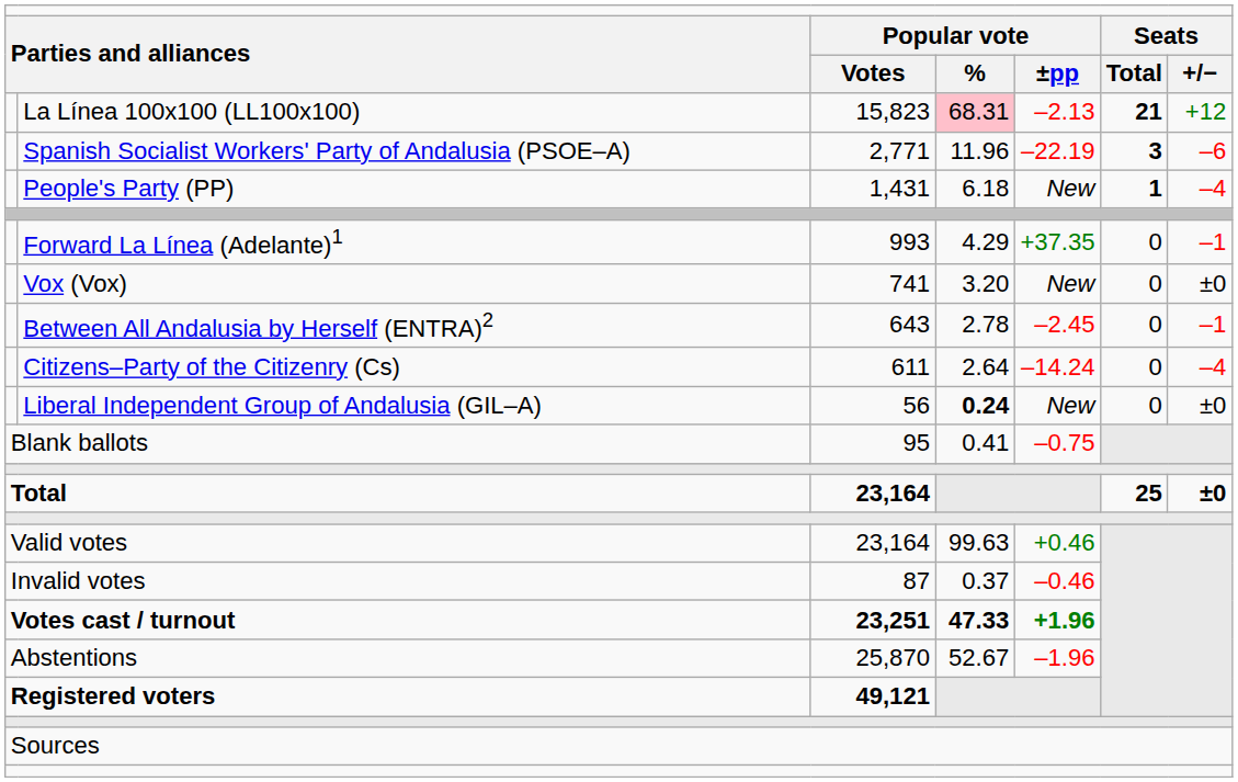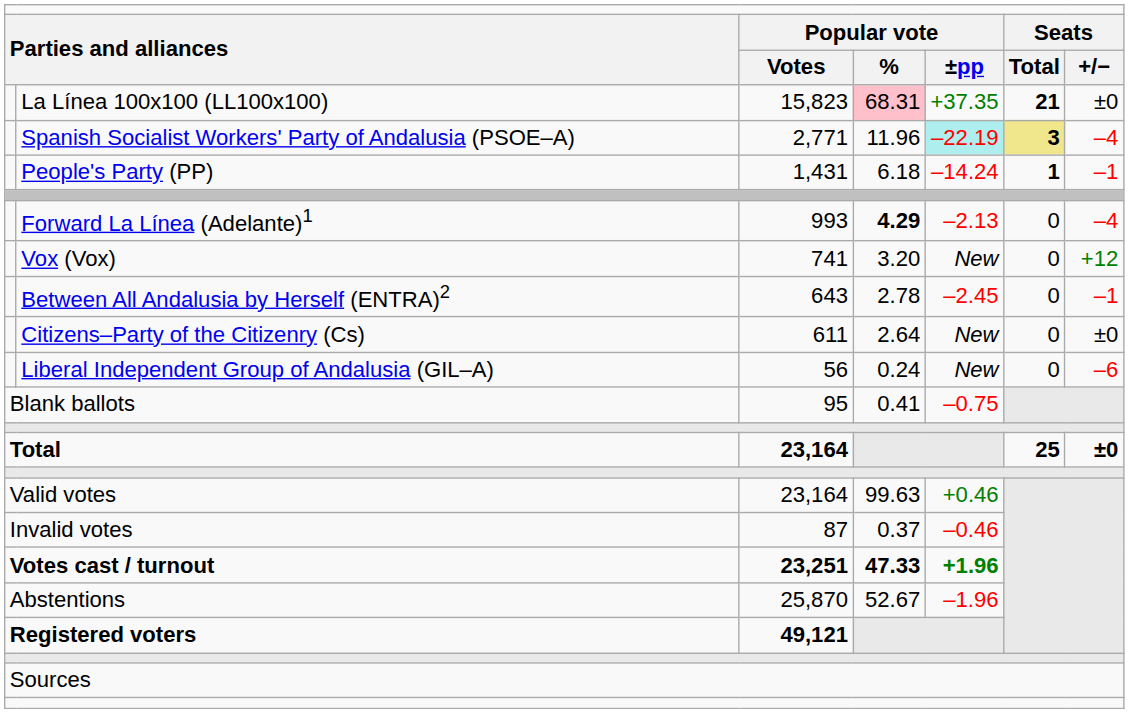 <table class="wikitable" style="text-align:right;">
 <tr>
 <td colspan="7"></td>
 </tr>
 <tr>
 <th style="text-align:left;" rowspan="2" colspan="2" width="525">Parties and alliances</th>
 <th colspan="3">Popular vote</th>
 <th colspan="2">Seats</th>
 </tr>
 <tr>
 <th width="75">Votes</th>
 <th width="45">%</th>
 <th width="45">±<a href='#'>pp</a></th>
 <th width="35">Total</th>
 <th width="35">+/−</th>
 </tr>
 <tr>
 <td width="1" style="color:inherit;background:"></td>
 <td align="left">La Línea 100x100 (LL100x100)</td>
 <td>15,823</td>
 <td style="background: pink;">68.31</td>
-<td style="color:red;">–2.13</td>
+<td style="color:green;">+37.35</td>
 <td><strong>21</strong></td>
-<td style="color:green;">+12</td>
+<td>±0</td>
 </tr>
 <tr>
 <td style="color:inherit;background:"></td>
 <td align="left"><a href='#'>Spanish Socialist Workers' Party of Andalusia</a> (PSOE–A)</td>
 <td>2,771</td>
 <td>11.96</td>
-<td style="color:red;">–22.19</td>
-<td><strong>3</strong></td>
-<td style="color:red;">–6</td>
+<td style="background: paleturquoise; color:red;">–22.19</td>
+<td style="background: khaki;"><strong>3</strong></td>
+<td style="color:red;">–4</td>
 </tr>
 <tr>
 <td style="color:inherit;background:"></td>
 <td align="left"><a href='#'>People's Party</a> (PP)</td>
 <td>1,431</td>
 <td>6.18</td>
-<td><em>New</em></td>
+<td style="color:red;">–14.24</td>
 <td><strong>1</strong></td>
-<td style="color:red;">–4</td>
+<td style="color:red;">–1</td>
 </tr>
 <tr>
 <td colspan="7" bgcolor="#C0C0C0"></td>
 </tr>
 <tr>
 <td style="color:inherit;background:"></td>
 <td align="left"><a href='#'>Forward La Línea</a> (Adelante)<sup>1</sup></td>
 <td>993</td>
-<td>4.29</td>
-<td style="color:green;">+37.35</td>
+<td><strong>4.29</strong></td>
+<td style="color:red;">–2.13</td>
 <td>0</td>
-<td style="color:red;">–1</td>
+<td style="color:red;">–4</td>
 </tr>
 <tr>
 <td style="color:inherit;background:"></td>
 <td align="left"><a href='#'>Vox</a> (Vox)</td>
 <td>741</td>
 <td>3.20</td>
 <td><em>New</em></td>
 <td>0</td>
-<td>±0</td>
+<td style="color:green;">+12</td>
 </tr>
 <tr>
 <td style="color:inherit;background:"></td>
 <td align="left"><a href='#'>Between All Andalusia by Herself</a> (ENTRA)<sup>2</sup></td>
 <td>643</td>
 <td>2.78</td>
 <td style="color:red;">–2.45</td>
 <td>0</td>
 <td style="color:red;">–1</td>
 </tr>
 <tr>
 <td style="color:inherit;background:"></td>
 <td align="left"><a href='#'>Citizens–Party of the Citizenry</a> (Cs)</td>
 <td>611</td>
 <td>2.64</td>
-<td style="color:red;">–14.24</td>
+<td><em>New</em></td>
 <td>0</td>
-<td style="color:red;">–4</td>
+<td>±0</td>
 </tr>
 <tr>
 <td width="1" style="color:inherit;background:"></td>
 <td align="left"><a href='#'>Liberal Independent Group of Andalusia</a> (GIL–A)</td>
 <td>56</td>
-<td><strong>0.24</strong></td>
+<td>0.24</td>
 <td><em>New</em></td>
 <td>0</td>
-<td>±0</td>
+<td style="color:red;">–6</td>
 </tr>
 <tr>
 <td align="left" colspan="2">Blank ballots</td>
 <td>95</td>
 <td>0.41</td>
 <td style="color:red;">–0.75</td>
 <td bgcolor="#E9E9E9" colspan="2"></td>
 </tr>
 <tr>
 <td colspan="7" bgcolor="#E9E9E9"></td>
 </tr>
 <tr style="font-weight:bold;">
 <td align="left" colspan="2">Total</td>
 <td>23,164</td>
 <td bgcolor="#E9E9E9" colspan="2"></td>
 <td>25</td>
 <td>±0</td>
 </tr>
 <tr>
 <td colspan="7" bgcolor="#E9E9E9"></td>
 </tr>
 <tr>
 <td align="left" colspan="2">Valid votes</td>
 <td>23,164</td>
 <td>99.63</td>
 <td style="color:green;">+0.46</td>
 <td bgcolor="#E9E9E9" colspan="2" rowspan="5"></td>
 </tr>
 <tr>
 <td align="left" colspan="2">Invalid votes</td>
 <td>87</td>
 <td>0.37</td>
 <td style="color:red;">–0.46</td>
 </tr>
 <tr style="font-weight:bold;">
 <td align="left" colspan="2">Votes cast / turnout</td>
 <td>23,251</td>
 <td>47.33</td>
 <td style="color:green;">+1.96</td>
 </tr>
 <tr>
 <td align="left" colspan="2">Abstentions</td>
 <td>25,870</td>
 <td>52.67</td>
 <td style="color:red;">–1.96</td>
 </tr>
 <tr style="font-weight:bold;">
 <td align="left" colspan="2">Registered voters</td>
 <td>49,121</td>
 <td bgcolor="#E9E9E9" colspan="2"></td>
 </tr>
 <tr>
 <td colspan="7" bgcolor="#E9E9E9"></td>
 </tr>
 <tr>
 <td align="left" colspan="7">Sources</td>
 </tr>
 <tr>
 <td colspan="7" style="text-align:left; max-width:790px;"></td>
 </tr>
 </table>
